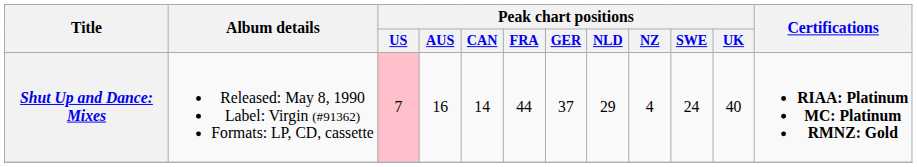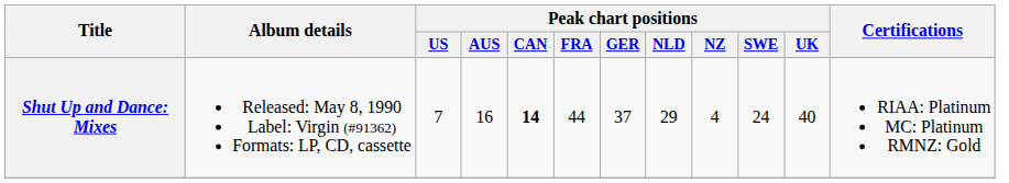 <table class="wikitable plainrowheaders" style="text-align:center;">
 <tr>
 <th scope="col" rowspan="2" style="width:10em;">Title</th>
 <th scope="col" rowspan="2">Album details</th>
 <th scope="col" colspan="9">Peak chart positions</th>
 <th scope="col" rowspan="2"><a href='#'>Certifications</a></th>
 </tr>
 <tr>
 <th scope="col" style="width:2.5em;font-size:90%;"><a href='#'>US</a><br></th>
 <th scope="col" style="width:2.5em;font-size:90%;"><a href='#'>AUS</a><br></th>
 <th scope="col" style="width:2.5em;font-size:90%;"><a href='#'>CAN</a><br></th>
 <th scope="col" style="width:2.5em;font-size:90%;"><a href='#'>FRA</a><br></th>
 <th scope="col" style="width:2.5em;font-size:90%;"><a href='#'>GER</a><br></th>
 <th scope="col" style="width:2.5em;font-size:90%;"><a href='#'>NLD</a><br></th>
 <th scope="col" style="width:2.5em;font-size:90%;"><a href='#'>NZ</a><br></th>
 <th scope="col" style="width:2.5em;font-size:90%;"><a href='#'>SWE</a><br></th>
 <th scope="col" style="width:2.5em;font-size:90%;"><a href='#'>UK</a><br></th>
 </tr>
 <tr>
 <th scope="row"><em><a href='#'>Shut Up and Dance: Mixes</a></em></th>
 <td><br><ul><li>Released: May 8, 1990</li><li>Label: Virgin <small>(#91362)</small></li><li>Formats: LP, CD, cassette</li></ul></td>
-<td style="background: pink;">7</td>
+<td>7</td>
 <td>16</td>
-<td>14</td>
+<td><strong>14</strong></td>
 <td>44</td>
 <td>37</td>
 <td>29</td>
 <td>4</td>
 <td>24</td>
 <td>40</td>
-<td><strong><br><ul><li>RIAA: Platinum</li><li>MC: Platinum</li><li>RMNZ: Gold</li></ul></strong></td>
+<td><br><ul><li>RIAA: Platinum</li><li>MC: Platinum</li><li>RMNZ: Gold</li></ul></td>
 </tr>
 <tr>
 </tr>
 </table>
